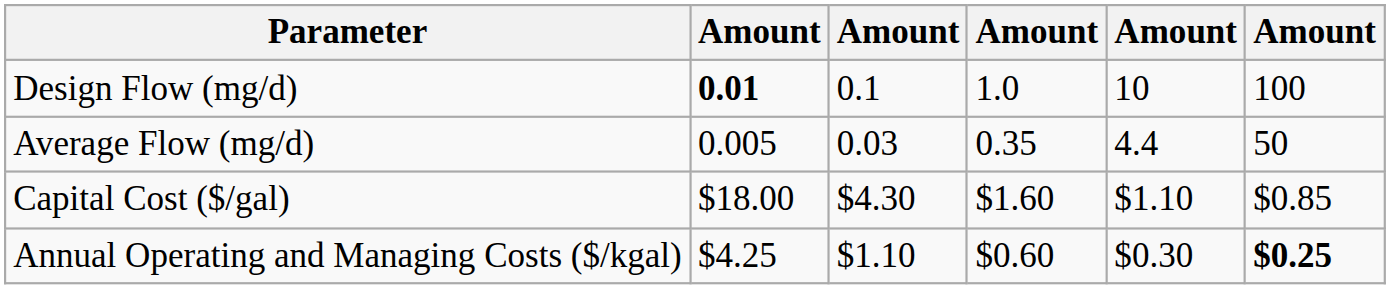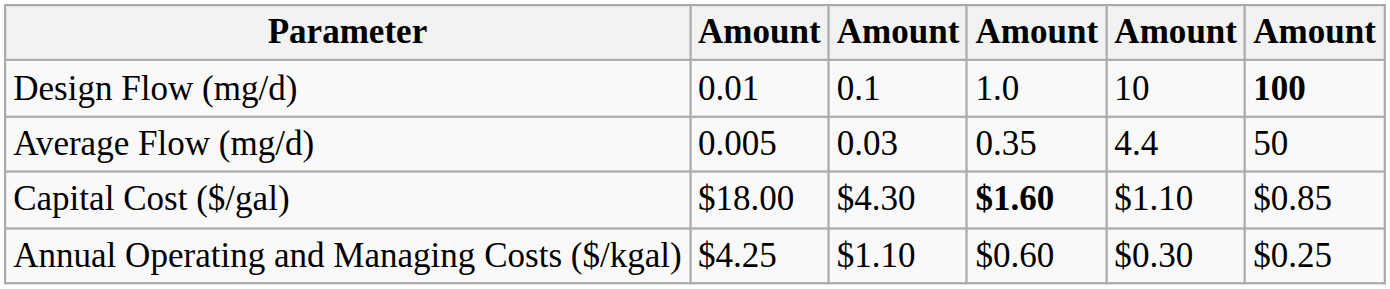 <table class="wikitable">
 <tr>
 <th>Parameter</th>
 <th>Amount</th>
 <th>Amount</th>
 <th>Amount</th>
 <th>Amount</th>
 <th>Amount</th>
 </tr>
 <tr>
 <td>Design Flow (mg/d)</td>
-<td><strong>0.01</strong></td>
+<td>0.01</td>
 <td>0.1</td>
 <td>1.0</td>
 <td>10</td>
-<td>100</td>
+<td><strong>100</strong></td>
 </tr>
 <tr>
 <td>Average Flow (mg/d)</td>
 <td>0.005</td>
 <td>0.03</td>
 <td>0.35</td>
 <td>4.4</td>
 <td>50</td>
 </tr>
 <tr>
 <td>Capital Cost ($/gal)</td>
 <td>$18.00</td>
 <td>$4.30</td>
-<td>$1.60</td>
+<td><strong>$1.60</strong></td>
 <td>$1.10</td>
 <td>$0.85</td>
 </tr>
 <tr>
 <td>Annual Operating and Managing Costs ($/kgal)</td>
 <td>$4.25</td>
 <td>$1.10</td>
 <td>$0.60</td>
 <td>$0.30</td>
-<td><strong>$0.25</strong></td>
+<td>$0.25</td>
 </tr>
 </table>
